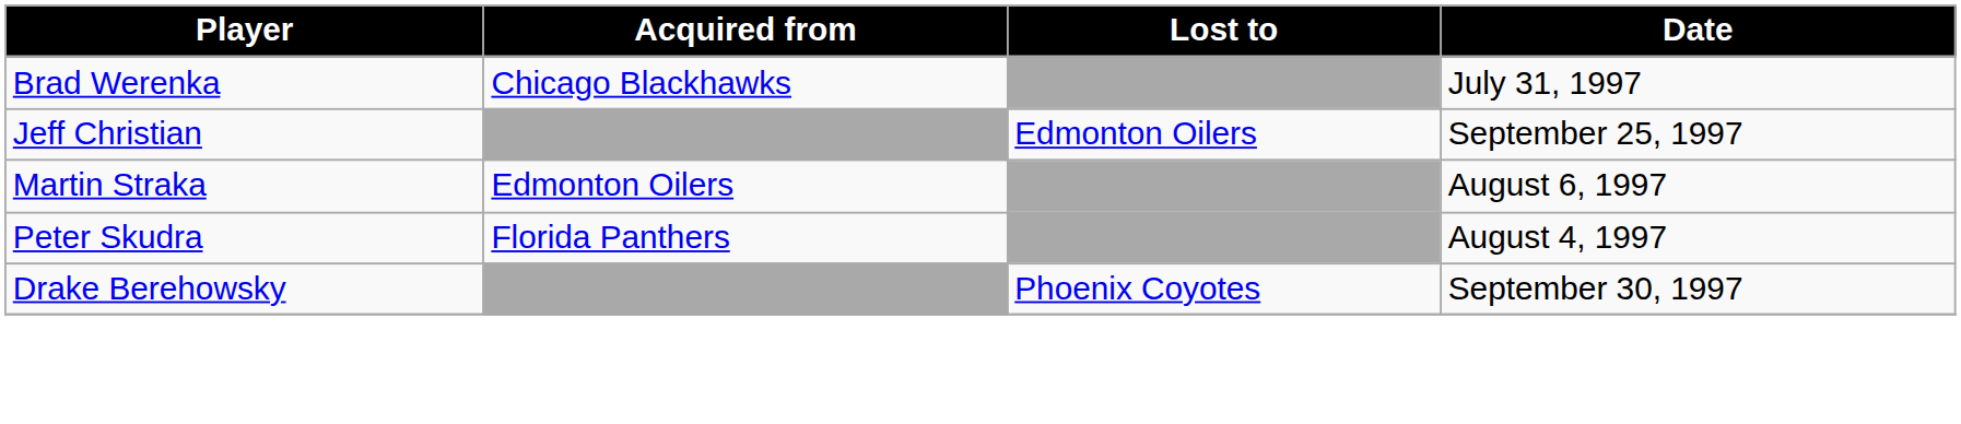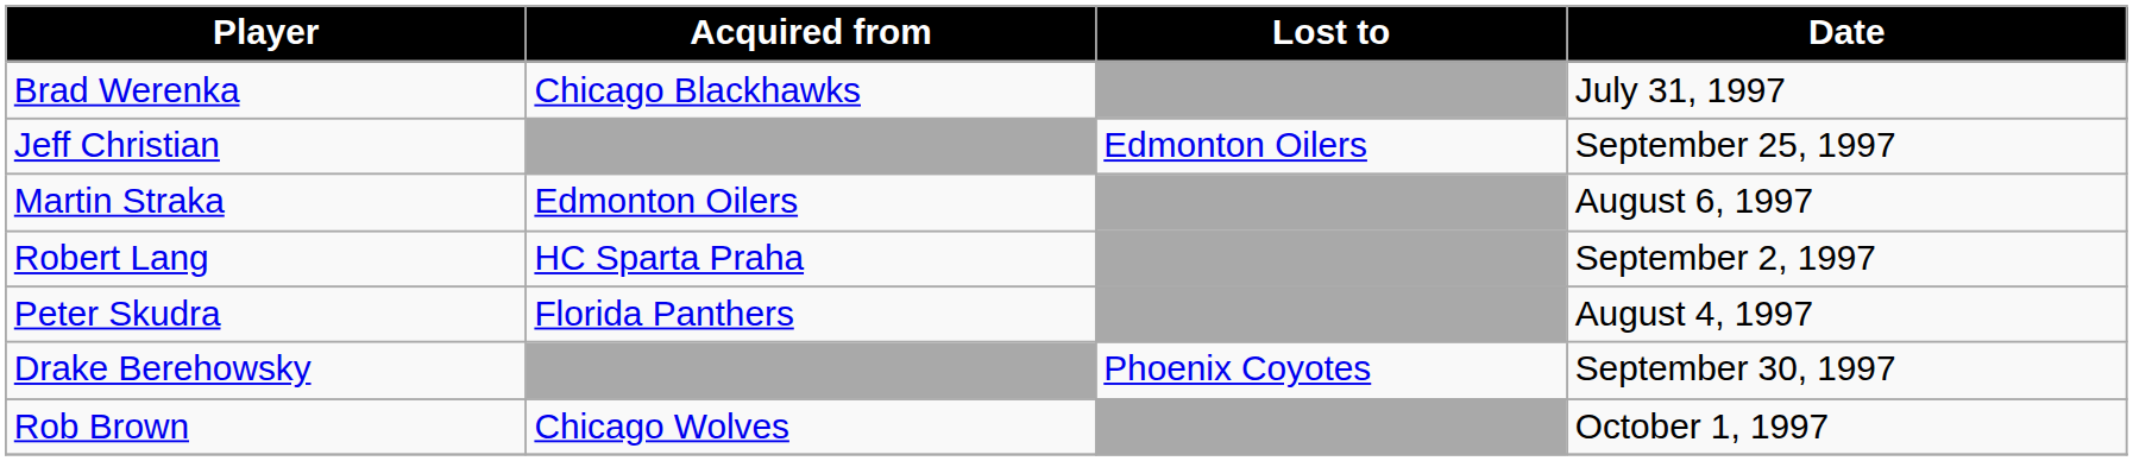 <table class="wikitable" style="width:60em">
 <tr style="text-align:center; background:#ddd;">
 <th style="color:white; background:#000000; ">Player</th>
 <th style="color:white; background:#000000; ">Acquired from</th>
 <th style="color:white; background:#000000; ">Lost to</th>
 <th style="color:white; background:#000000; ">Date</th>
 </tr>
 <tr>
 <td><a href='#'>Brad Werenka</a></td>
 <td><a href='#'>Chicago Blackhawks</a></td>
 <td style="background:darkgray;"></td>
 <td>July 31, 1997</td>
 </tr>
 <tr>
 <td><a href='#'>Jeff Christian</a></td>
 <td style="background:darkgray;"></td>
 <td><a href='#'>Edmonton Oilers</a></td>
 <td>September 25, 1997</td>
 </tr>
 <tr>
 <td><a href='#'>Martin Straka</a></td>
 <td><a href='#'>Edmonton Oilers</a></td>
 <td style="background:darkgray;"></td>
 <td>August 6, 1997</td>
 </tr>
 <tr>
+<td><a href='#'>Robert Lang</a></td>
+<td><a href='#'>HC Sparta Praha</a></td>
+<td style="background:darkgray;"></td>
+<td>September 2, 1997</td>
+</tr>
+<tr>
 <td><a href='#'>Peter Skudra</a></td>
 <td><a href='#'>Florida Panthers</a></td>
 <td style="background:darkgray;"></td>
 <td>August 4, 1997</td>
 </tr>
 <tr>
 <td><a href='#'>Drake Berehowsky</a></td>
 <td style="background:darkgray;"></td>
 <td><a href='#'>Phoenix Coyotes</a></td>
 <td>September 30, 1997</td>
 </tr>
 <tr>
+<td><a href='#'>Rob Brown</a></td>
+<td><a href='#'>Chicago Wolves</a></td>
+<td style="background:darkgray;"></td>
+<td>October 1, 1997</td>
+</tr>
+<tr>
 </tr>
 </table>
